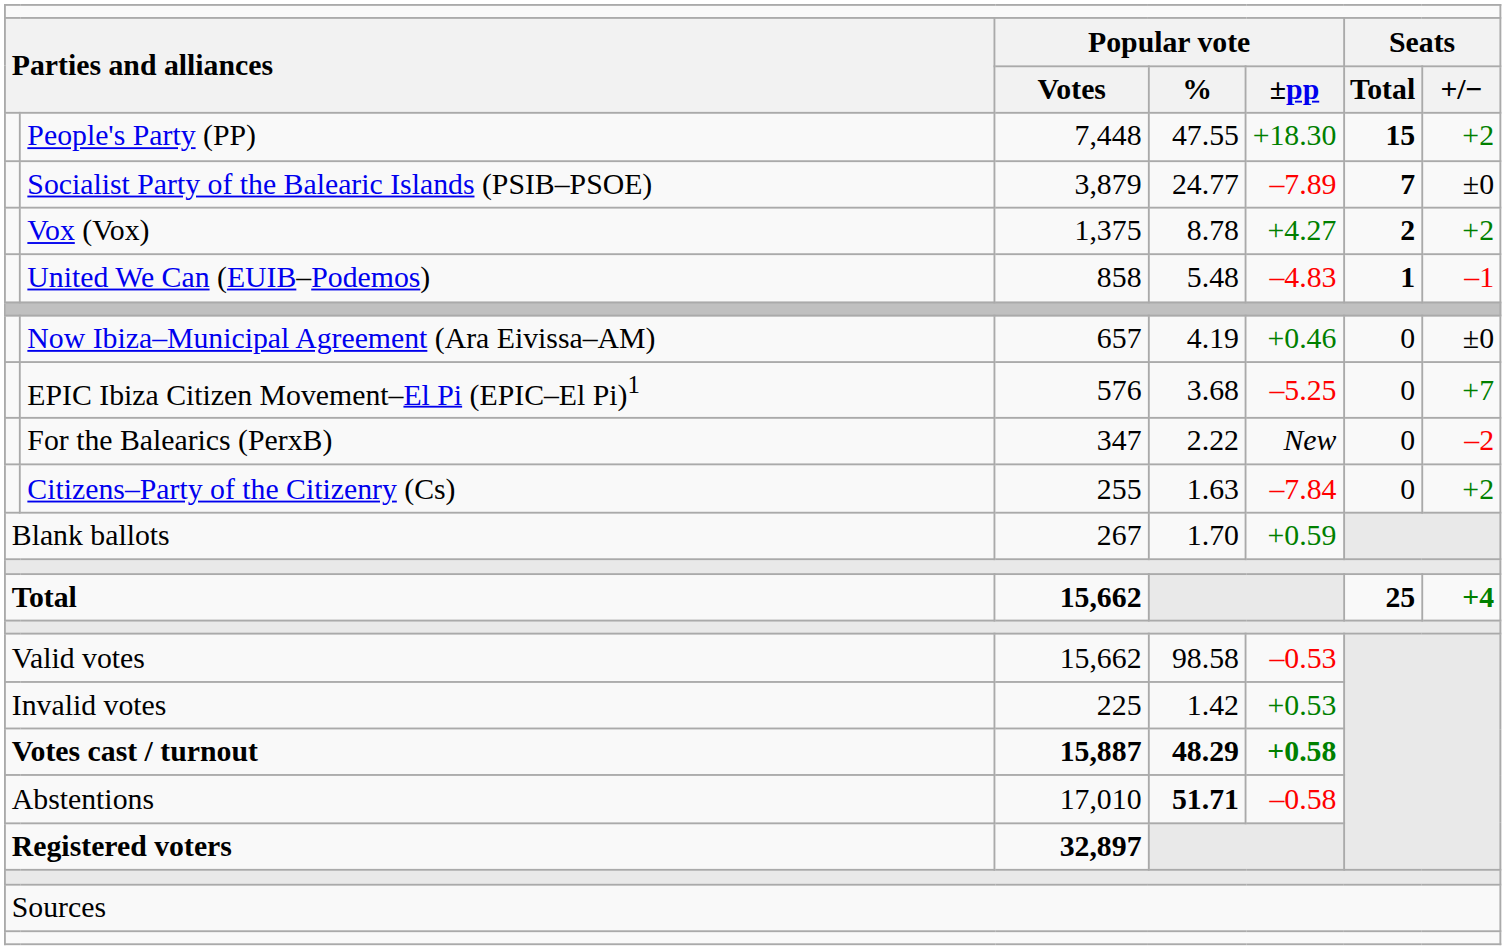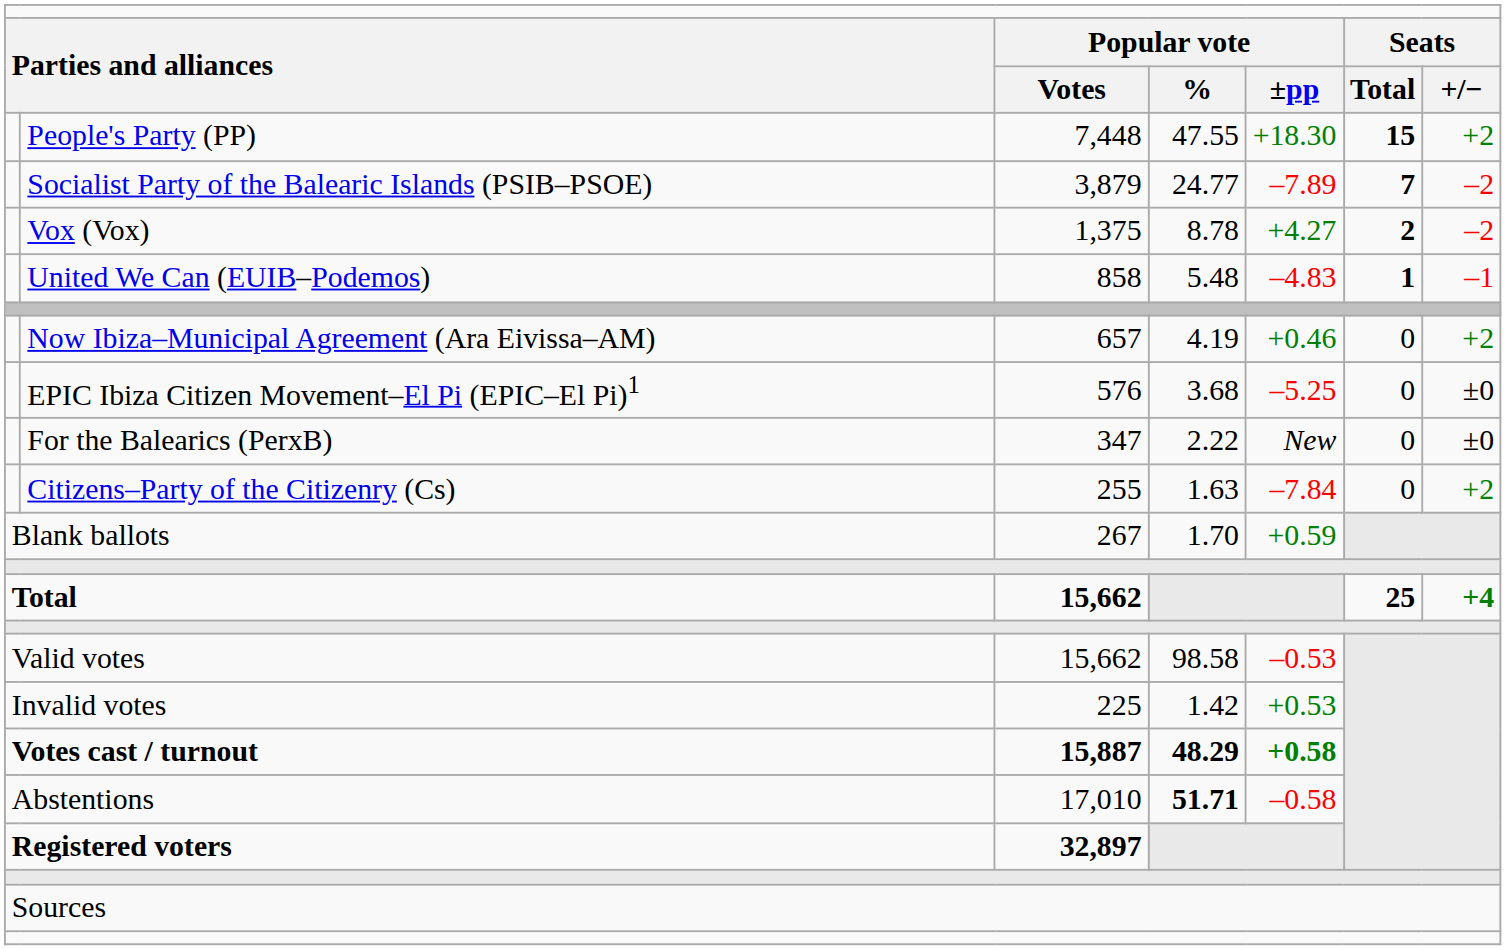 <table class="wikitable" style="text-align:right;">
 <tr>
 <td colspan="7"></td>
 </tr>
 <tr>
 <th style="text-align:left;" rowspan="2" colspan="2" width="525">Parties and alliances</th>
 <th colspan="3">Popular vote</th>
 <th colspan="2">Seats</th>
 </tr>
 <tr>
 <th width="75">Votes</th>
 <th width="45">%</th>
 <th width="45">±<a href='#'>pp</a></th>
 <th width="35">Total</th>
 <th width="35">+/−</th>
 </tr>
 <tr>
 <td width="1" style="color:inherit;background:"></td>
 <td align="left"><a href='#'>People's Party</a> (PP)</td>
 <td>7,448</td>
 <td>47.55</td>
 <td style="color:green;">+18.30</td>
 <td><strong>15</strong></td>
 <td style="color:green;">+2</td>
 </tr>
 <tr>
 <td style="color:inherit;background:"></td>
 <td align="left"><a href='#'>Socialist Party of the Balearic Islands</a> (PSIB–PSOE)</td>
 <td>3,879</td>
 <td>24.77</td>
 <td style="color:red;">–7.89</td>
 <td><strong>7</strong></td>
-<td>±0</td>
+<td style="color:red;">–2</td>
 </tr>
 <tr>
 <td style="color:inherit;background:"></td>
 <td align="left"><a href='#'>Vox</a> (Vox)</td>
 <td>1,375</td>
 <td>8.78</td>
 <td style="color:green;">+4.27</td>
 <td><strong>2</strong></td>
-<td style="color:green;">+2</td>
+<td style="color:red;">–2</td>
 </tr>
 <tr>
 <td style="color:inherit;background:"></td>
 <td align="left"><a href='#'>United We Can</a> (<a href='#'>EUIB</a>–<a href='#'>Podemos</a>)</td>
 <td>858</td>
 <td>5.48</td>
 <td style="color:red;">–4.83</td>
 <td><strong>1</strong></td>
 <td style="color:red;">–1</td>
 </tr>
 <tr>
 <td colspan="7" bgcolor="#C0C0C0"></td>
 </tr>
 <tr>
 <td style="color:inherit;background:"></td>
 <td align="left"><a href='#'>Now Ibiza–Municipal Agreement</a> (Ara Eivissa–AM)</td>
 <td>657</td>
 <td>4.19</td>
 <td style="color:green;">+0.46</td>
 <td>0</td>
-<td>±0</td>
+<td style="color:green;">+2</td>
 </tr>
 <tr>
 <td style="color:inherit;background:"></td>
 <td align="left">EPIC Ibiza Citizen Movement–<a href='#'>El Pi</a> (EPIC–El Pi)<sup>1</sup></td>
 <td>576</td>
 <td>3.68</td>
 <td style="color:red;">–5.25</td>
 <td>0</td>
-<td style="color:green;">+7</td>
+<td>±0</td>
 </tr>
 <tr>
 <td style="color:inherit;background:"></td>
 <td align="left">For the Balearics (PerxB)</td>
 <td>347</td>
 <td>2.22</td>
 <td><em>New</em></td>
 <td>0</td>
-<td style="color:red;">–2</td>
+<td>±0</td>
 </tr>
 <tr>
 <td style="color:inherit;background:"></td>
 <td align="left"><a href='#'>Citizens–Party of the Citizenry</a> (Cs)</td>
 <td>255</td>
 <td>1.63</td>
 <td style="color:red;">–7.84</td>
 <td>0</td>
 <td style="color:green;">+2</td>
 </tr>
 <tr>
 <td align="left" colspan="2">Blank ballots</td>
 <td>267</td>
 <td>1.70</td>
 <td style="color:green;">+0.59</td>
 <td bgcolor="#E9E9E9" colspan="2"></td>
 </tr>
 <tr>
 <td colspan="7" bgcolor="#E9E9E9"></td>
 </tr>
 <tr style="font-weight:bold;">
 <td align="left" colspan="2">Total</td>
 <td>15,662</td>
 <td bgcolor="#E9E9E9" colspan="2"></td>
 <td>25</td>
 <td style="color:green;">+4</td>
 </tr>
 <tr>
 <td colspan="7" bgcolor="#E9E9E9"></td>
 </tr>
 <tr>
 <td align="left" colspan="2">Valid votes</td>
 <td>15,662</td>
 <td>98.58</td>
 <td style="color:red;">–0.53</td>
 <td bgcolor="#E9E9E9" colspan="2" rowspan="5"></td>
 </tr>
 <tr>
 <td align="left" colspan="2">Invalid votes</td>
 <td>225</td>
 <td>1.42</td>
 <td style="color:green;">+0.53</td>
 </tr>
 <tr style="font-weight:bold;">
 <td align="left" colspan="2">Votes cast / turnout</td>
 <td>15,887</td>
 <td>48.29</td>
 <td style="color:green;">+0.58</td>
 </tr>
 <tr>
 <td align="left" colspan="2">Abstentions</td>
 <td>17,010</td>
 <td><strong>51.71</strong></td>
 <td style="color:red;">–0.58</td>
 </tr>
 <tr style="font-weight:bold;">
 <td align="left" colspan="2">Registered voters</td>
 <td>32,897</td>
 <td bgcolor="#E9E9E9" colspan="2"></td>
 </tr>
 <tr>
 <td colspan="7" bgcolor="#E9E9E9"></td>
 </tr>
 <tr>
 <td align="left" colspan="7">Sources</td>
 </tr>
 <tr>
 <td colspan="7" style="text-align:left; max-width:790px;"></td>
 </tr>
 </table>
